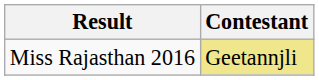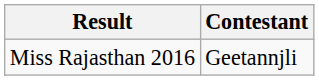 <table class="wikitable">
 <tr>
 <th>Result</th>
 <th>Contestant</th>
 </tr>
 <tr>
 <td>Miss Rajasthan 2016</td>
-<td style="background: khaki;">Geetannjli</td>
+<td>Geetannjli</td>
 </tr>
 </table>
